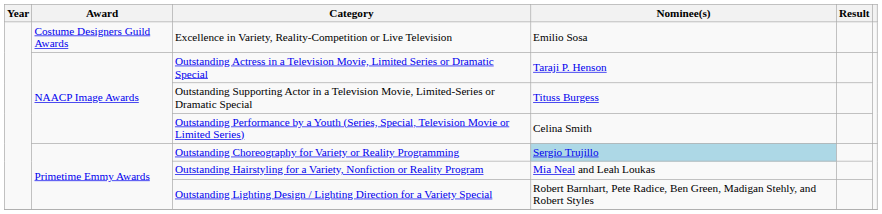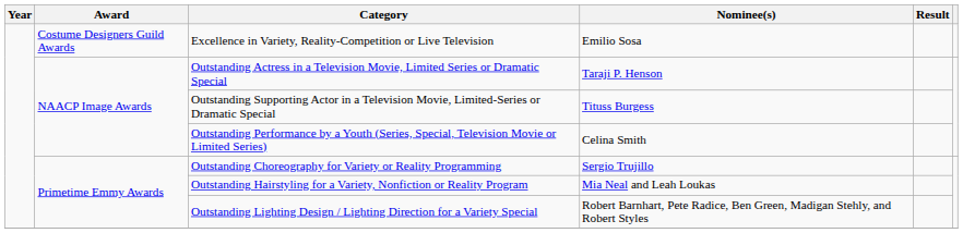 <table class="wikitable sortable">
 <tr>
 <th>Year</th>
 <th>Award</th>
 <th>Category</th>
 <th>Nominee(s)</th>
 <th>Result</th>
 <th></th>
 </tr>
 <tr>
 <td rowspan="7"></td>
 <td><a href='#'>Costume Designers Guild Awards</a></td>
 <td>Excellence in Variety, Reality-Competition or Live Television</td>
 <td>Emilio Sosa</td>
 <td></td>
 <td align="center"></td>
 </tr>
 <tr>
 <td rowspan="3"><a href='#'>NAACP Image Awards</a></td>
 <td><a href='#'>Outstanding Actress in a Television Movie, Limited Series or Dramatic Special</a></td>
 <td><a href='#'>Taraji P. Henson</a></td>
 <td></td>
 <td align="center" rowspan="3"></td>
 </tr>
 <tr>
 <td>Outstanding Supporting Actor in a Television Movie, Limited-Series or Dramatic Special</td>
 <td><a href='#'>Tituss Burgess</a></td>
 <td></td>
 </tr>
 <tr>
 <td><a href='#'>Outstanding Performance by a Youth (Series, Special, Television Movie or Limited Series)</a></td>
 <td>Celina Smith</td>
 <td></td>
 </tr>
 <tr>
 <td rowspan="3"><a href='#'>Primetime Emmy Awards</a></td>
 <td><a href='#'>Outstanding Choreography for Variety or Reality Programming</a></td>
-<td style="background: lightblue;"><a href='#'>Sergio Trujillo</a></td>
+<td><a href='#'>Sergio Trujillo</a></td>
 <td></td>
 <td align="center" rowspan="3"> <br>  <br> </td>
 </tr>
 <tr>
 <td><a href='#'>Outstanding Hairstyling for a Variety, Nonfiction or Reality Program</a></td>
 <td><a href='#'>Mia Neal</a> and Leah Loukas</td>
 <td></td>
 </tr>
 <tr>
 <td><a href='#'>Outstanding Lighting Design / Lighting Direction for a Variety Special</a></td>
 <td>Robert Barnhart, Pete Radice, Ben Green, Madigan Stehly, and Robert Styles</td>
 <td></td>
 </tr>
 <tr>
 </tr>
 </table>
